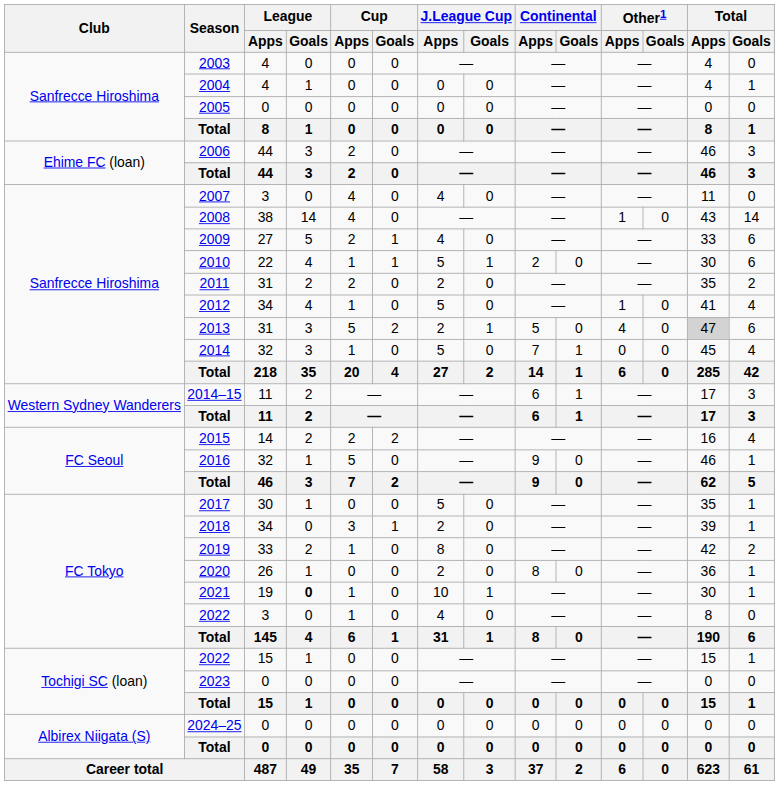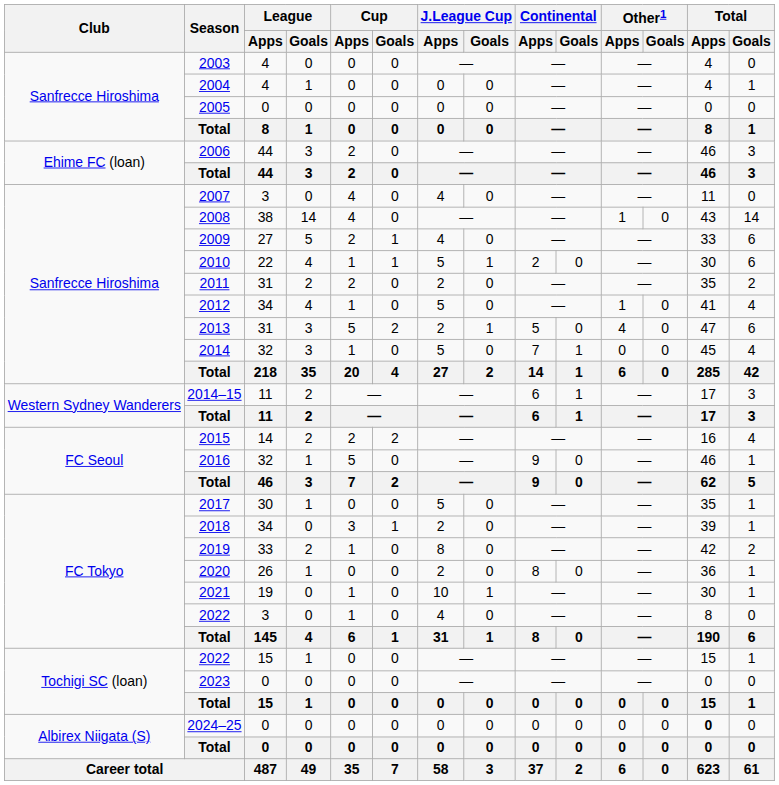 <table class="wikitable" style="text-align:center;">
 <tr>
 <th rowspan="2">Club</th>
 <th rowspan="2">Season</th>
 <th colspan="2">League</th>
 <th colspan="2">Cup</th>
 <th colspan="2"><a href='#'>J.League Cup</a></th>
 <th colspan="2"><a href='#'>Continental</a></th>
 <th colspan="2">Other<sup><a href='#'>1</a></sup></th>
 <th colspan="2">Total</th>
 </tr>
 <tr>
 <th>Apps</th>
 <th>Goals</th>
 <th>Apps</th>
 <th>Goals</th>
 <th>Apps</th>
 <th>Goals</th>
 <th>Apps</th>
 <th>Goals</th>
 <th>Apps</th>
 <th>Goals</th>
 <th>Apps</th>
 <th>Goals</th>
 </tr>
 <tr>
 <td rowspan="4"><a href='#'>Sanfrecce Hiroshima</a></td>
 <td><a href='#'>2003</a></td>
 <td>4</td>
 <td>0</td>
 <td>0</td>
 <td>0</td>
 <td colspan="2">—</td>
 <td colspan="2">—</td>
 <td colspan="2">—</td>
 <td>4</td>
 <td>0</td>
 </tr>
 <tr>
 <td><a href='#'>2004</a></td>
 <td>4</td>
 <td>1</td>
 <td>0</td>
 <td>0</td>
 <td>0</td>
 <td>0</td>
 <td colspan="2">—</td>
 <td colspan="2">—</td>
 <td>4</td>
 <td>1</td>
 </tr>
 <tr>
 <td><a href='#'>2005</a></td>
 <td>0</td>
 <td>0</td>
 <td>0</td>
 <td>0</td>
 <td>0</td>
 <td>0</td>
 <td colspan="2">—</td>
 <td colspan="2">—</td>
 <td>0</td>
 <td>0</td>
 </tr>
 <tr>
 <th colspan="1">Total</th>
 <th>8</th>
 <th>1</th>
 <th>0</th>
 <th>0</th>
 <th>0</th>
 <th>0</th>
 <th colspan="2">—</th>
 <th colspan="2">—</th>
 <th>8</th>
 <th>1</th>
 </tr>
 <tr>
 <td rowspan="2"><a href='#'>Ehime FC</a> (loan)</td>
 <td><a href='#'>2006</a></td>
 <td>44</td>
 <td>3</td>
 <td>2</td>
 <td>0</td>
 <td colspan="2">—</td>
 <td colspan="2">—</td>
 <td colspan="2">—</td>
 <td>46</td>
 <td>3</td>
 </tr>
 <tr>
 <th colspan="1">Total</th>
 <th>44</th>
 <th>3</th>
 <th>2</th>
 <th>0</th>
 <th colspan="2">—</th>
 <th colspan="2">—</th>
 <th colspan="2">—</th>
 <th>46</th>
 <th>3</th>
 </tr>
 <tr>
 <td rowspan="9"><a href='#'>Sanfrecce Hiroshima</a></td>
 <td><a href='#'>2007</a></td>
 <td>3</td>
 <td>0</td>
 <td>4</td>
 <td>0</td>
 <td>4</td>
 <td>0</td>
 <td colspan="2">—</td>
 <td colspan="2">—</td>
 <td>11</td>
 <td>0</td>
 </tr>
 <tr>
 <td><a href='#'>2008</a></td>
 <td>38</td>
 <td>14</td>
 <td>4</td>
 <td>0</td>
 <td colspan="2">—</td>
 <td colspan="2">—</td>
 <td>1</td>
 <td>0</td>
 <td>43</td>
 <td>14</td>
 </tr>
 <tr>
 <td><a href='#'>2009</a></td>
 <td>27</td>
 <td>5</td>
 <td>2</td>
 <td>1</td>
 <td>4</td>
 <td>0</td>
 <td colspan="2">—</td>
 <td colspan="2">—</td>
 <td>33</td>
 <td>6</td>
 </tr>
 <tr>
 <td><a href='#'>2010</a></td>
 <td>22</td>
 <td>4</td>
 <td>1</td>
 <td>1</td>
 <td>5</td>
 <td>1</td>
 <td>2</td>
 <td>0</td>
 <td colspan="2">—</td>
 <td>30</td>
 <td>6</td>
 </tr>
 <tr>
 <td><a href='#'>2011</a></td>
 <td>31</td>
 <td>2</td>
 <td>2</td>
 <td>0</td>
 <td>2</td>
 <td>0</td>
 <td colspan="2">—</td>
 <td colspan="2">—</td>
 <td>35</td>
 <td>2</td>
 </tr>
 <tr>
 <td><a href='#'>2012</a></td>
 <td>34</td>
 <td>4</td>
 <td>1</td>
 <td>0</td>
 <td>5</td>
 <td>0</td>
 <td colspan="2">—</td>
 <td>1</td>
 <td>0</td>
 <td>41</td>
 <td>4</td>
 </tr>
 <tr>
 <td><a href='#'>2013</a></td>
 <td>31</td>
 <td>3</td>
 <td>5</td>
 <td>2</td>
 <td>2</td>
 <td>1</td>
 <td>5</td>
 <td>0</td>
 <td>4</td>
 <td>0</td>
-<td style="background: lightgrey;">47</td>
+<td>47</td>
 <td>6</td>
 </tr>
 <tr>
 <td><a href='#'>2014</a></td>
 <td>32</td>
 <td>3</td>
 <td>1</td>
 <td>0</td>
 <td>5</td>
 <td>0</td>
 <td>7</td>
 <td>1</td>
 <td>0</td>
 <td>0</td>
 <td>45</td>
 <td>4</td>
 </tr>
 <tr>
 <th colspan="1">Total</th>
 <th>218</th>
 <th>35</th>
 <th>20</th>
 <th>4</th>
 <th>27</th>
 <th>2</th>
 <th>14</th>
 <th>1</th>
 <th>6</th>
 <th>0</th>
 <th>285</th>
 <th>42</th>
 </tr>
 <tr>
 <td rowspan="2"><a href='#'>Western Sydney Wanderers</a></td>
 <td><a href='#'>2014–15</a></td>
 <td>11</td>
 <td>2</td>
 <td colspan="2">—</td>
 <td colspan="2">—</td>
 <td>6</td>
 <td>1</td>
 <td colspan="2">—</td>
 <td>17</td>
 <td>3</td>
 </tr>
 <tr>
 <th colspan="1">Total</th>
 <th>11</th>
 <th>2</th>
 <th colspan="2">—</th>
 <th colspan="2">—</th>
 <th>6</th>
 <th>1</th>
 <th colspan="2">—</th>
 <th>17</th>
 <th>3</th>
 </tr>
 <tr>
 <td rowspan="3"><a href='#'>FC Seoul</a></td>
 <td><a href='#'>2015</a></td>
 <td>14</td>
 <td>2</td>
 <td>2</td>
 <td>2</td>
 <td colspan="2">—</td>
 <td colspan="2">—</td>
 <td colspan="2">—</td>
 <td>16</td>
 <td>4</td>
 </tr>
 <tr>
 <td><a href='#'>2016</a></td>
 <td>32</td>
 <td>1</td>
 <td>5</td>
 <td>0</td>
 <td colspan="2">—</td>
 <td>9</td>
 <td>0</td>
 <td colspan="2">—</td>
 <td>46</td>
 <td>1</td>
 </tr>
 <tr>
 <th colspan="1">Total</th>
 <th>46</th>
 <th>3</th>
 <th>7</th>
 <th>2</th>
 <th colspan="2">—</th>
 <th>9</th>
 <th>0</th>
 <th colspan="2">—</th>
 <th>62</th>
 <th>5</th>
 </tr>
 <tr>
 <td rowspan="7"><a href='#'>FC Tokyo</a></td>
 <td><a href='#'>2017</a></td>
 <td>30</td>
 <td>1</td>
 <td>0</td>
 <td>0</td>
 <td>5</td>
 <td>0</td>
 <td colspan="2">—</td>
 <td colspan="2">—</td>
 <td>35</td>
 <td>1</td>
 </tr>
 <tr>
 <td><a href='#'>2018</a></td>
 <td>34</td>
 <td>0</td>
 <td>3</td>
 <td>1</td>
 <td>2</td>
 <td>0</td>
 <td colspan="2">—</td>
 <td colspan="2">—</td>
 <td>39</td>
 <td>1</td>
 </tr>
 <tr>
 <td><a href='#'>2019</a></td>
 <td>33</td>
 <td>2</td>
 <td>1</td>
 <td>0</td>
 <td>8</td>
 <td>0</td>
 <td colspan="2">—</td>
 <td colspan="2">—</td>
 <td>42</td>
 <td>2</td>
 </tr>
 <tr>
 <td><a href='#'>2020</a></td>
 <td>26</td>
 <td>1</td>
 <td>0</td>
 <td>0</td>
 <td>2</td>
 <td>0</td>
 <td>8</td>
 <td>0</td>
 <td colspan="2">—</td>
 <td>36</td>
 <td>1</td>
 </tr>
 <tr>
 <td><a href='#'>2021</a></td>
 <td>19</td>
-<td><strong>0</strong></td>
+<td>0</td>
 <td>1</td>
 <td>0</td>
 <td>10</td>
 <td>1</td>
 <td colspan="2">—</td>
 <td colspan="2">—</td>
 <td>30</td>
 <td>1</td>
 </tr>
 <tr>
 <td><a href='#'>2022</a></td>
 <td>3</td>
 <td>0</td>
 <td>1</td>
 <td>0</td>
 <td>4</td>
 <td>0</td>
 <td colspan="2">—</td>
 <td colspan="2">—</td>
 <td>8</td>
 <td>0</td>
 </tr>
 <tr>
 <th colspan="1">Total</th>
 <th>145</th>
 <th>4</th>
 <th>6</th>
 <th>1</th>
 <th>31</th>
 <th>1</th>
 <th>8</th>
 <th>0</th>
 <th colspan="2">—</th>
 <th>190</th>
 <th>6</th>
 </tr>
 <tr>
 <td rowspan="3"><a href='#'>Tochigi SC</a> (loan)</td>
 <td><a href='#'>2022</a></td>
 <td>15</td>
 <td>1</td>
 <td>0</td>
 <td>0</td>
 <td colspan="2">—</td>
 <td colspan="2">—</td>
 <td colspan="2">—</td>
 <td>15</td>
 <td>1</td>
 </tr>
 <tr>
 <td><a href='#'>2023</a></td>
 <td>0</td>
 <td>0</td>
 <td>0</td>
 <td>0</td>
 <td colspan="2">—</td>
 <td colspan="2">—</td>
 <td colspan="2">—</td>
 <td>0</td>
 <td>0</td>
 </tr>
 <tr>
 <th colspan="1">Total</th>
 <th>15</th>
 <th>1</th>
 <th>0</th>
 <th>0</th>
 <th>0</th>
 <th>0</th>
 <th>0</th>
 <th>0</th>
 <th>0</th>
 <th>0</th>
 <th>15</th>
 <th>1</th>
 </tr>
 <tr>
 <td rowspan="2"><a href='#'>Albirex Niigata (S)</a></td>
 <td><a href='#'>2024–25</a></td>
 <td>0</td>
 <td>0</td>
 <td>0</td>
 <td>0</td>
 <td>0</td>
 <td>0</td>
 <td>0</td>
 <td>0</td>
 <td>0</td>
 <td>0</td>
-<td>0</td>
+<td><strong>0</strong></td>
 <td>0</td>
 </tr>
 <tr>
 <th colspan="1">Total</th>
 <th>0</th>
 <th>0</th>
 <th>0</th>
 <th>0</th>
 <th>0</th>
 <th>0</th>
 <th>0</th>
 <th>0</th>
 <th>0</th>
 <th>0</th>
 <th>0</th>
 <th>0</th>
 </tr>
 <tr>
 <th colspan="2">Career total</th>
 <th>487</th>
 <th>49</th>
 <th>35</th>
 <th>7</th>
 <th>58</th>
 <th>3</th>
 <th>37</th>
 <th>2</th>
 <th>6</th>
 <th>0</th>
 <th>623</th>
 <th>61</th>
 </tr>
 </table>
